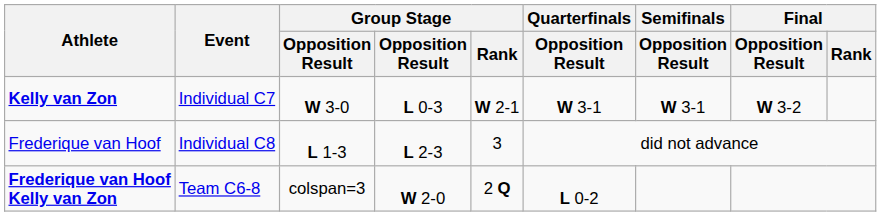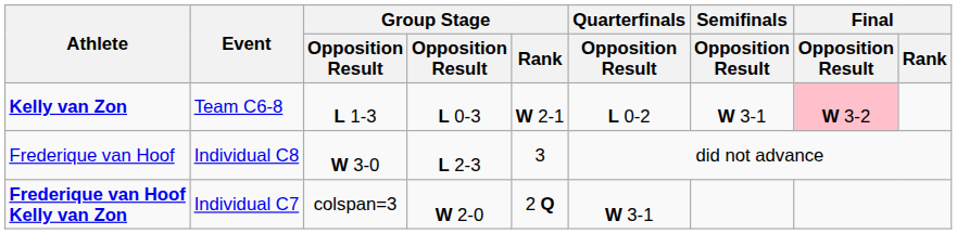 <table class=wikitable style="font-size:90%">
 <tr>
 <th rowspan="2">Athlete</th>
 <th rowspan="2">Event</th>
 <th colspan="3">Group Stage</th>
 <th>Quarterfinals</th>
 <th>Semifinals</th>
 <th colspan="2">Final</th>
 </tr>
 <tr>
 <th>Opposition<br>Result</th>
 <th>Opposition<br>Result</th>
 <th>Rank</th>
 <th>Opposition<br>Result</th>
 <th>Opposition<br>Result</th>
 <th>Opposition<br>Result</th>
 <th>Rank</th>
 </tr>
 <tr align=center>
 <td align=left><strong><a href='#'>Kelly van Zon</a></strong></td>
-<td align=left><a href='#'>Individual C7</a></td>
-<td><br><strong>W</strong> 3-0</td>
+<td align=left><a href='#'>Team C6-8</a></td>
+<td><br><strong>L</strong> 1-3</td>
 <td><br><strong>L</strong> 0-3</td>
 <td><br><strong>W</strong> 2-1</td>
+<td><br><strong>L</strong> 0-2</td>
 <td><br><strong>W</strong> 3-1</td>
-<td><br><strong>W</strong> 3-1</td>
-<td><br><strong>W</strong> 3-2</td>
+<td style="background: pink;"><br><strong>W</strong> 3-2</td>
 <td></td>
 </tr>
 <tr align=center>
 <td align=left><a href='#'>Frederique van Hoof</a></td>
 <td align=left><a href='#'>Individual C8</a></td>
-<td><br><strong>L</strong> 1-3</td>
+<td><br><strong>W</strong> 3-0</td>
 <td><br><strong>L</strong> 2-3</td>
 <td>3</td>
 <td colspan=4>did not advance</td>
 </tr>
 <tr align=center>
 <td align=left><strong><a href='#'>Frederique van Hoof</a><br><a href='#'>Kelly van Zon</a></strong></td>
-<td align=left><a href='#'>Team C6-8</a></td>
+<td align=left><a href='#'>Individual C7</a></td>
 <td>colspan=3 </td>
 <td><br><strong>W</strong> 2-0</td>
 <td>2 <strong>Q</strong></td>
-<td><br><strong>L</strong> 0-2</td>
+<td><br><strong>W</strong> 3-1</td>
 <td></td>
 </tr>
 </table>
